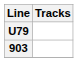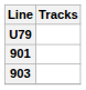 <table class="wikitable"  style="background-color:#ffffff;">
 <tr>
 <th>Line</th>
 <th>Tracks</th>
 </tr>
 <tr>
 <th style="background-color:#">U79</th>
 <td>           </td>
 </tr>
 <tr>
+<th style="background-color:#">901</th>
+<td>         </td>
+</tr>
+<tr>
 <th style="background-color:#">903</th>
 <td>         </td>
 </tr>
 <tr>
 </tr>
 </table>
